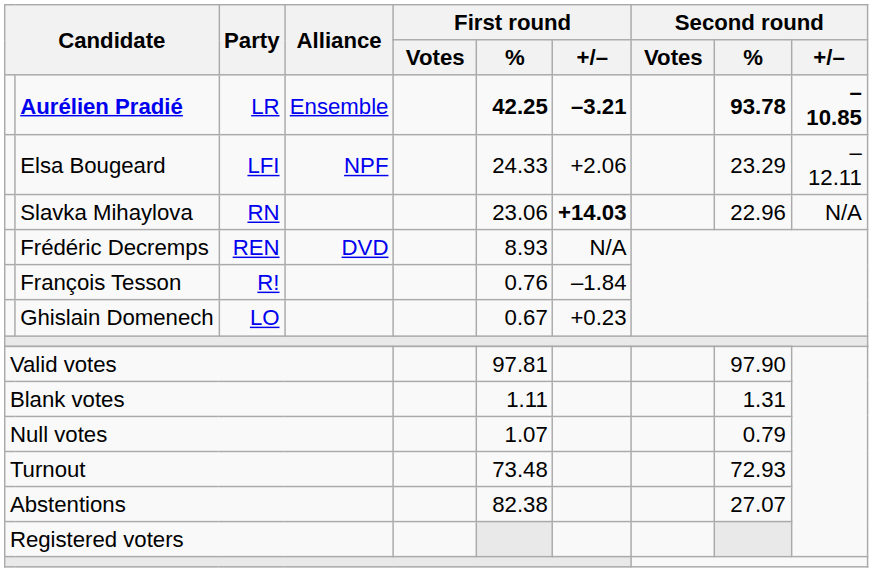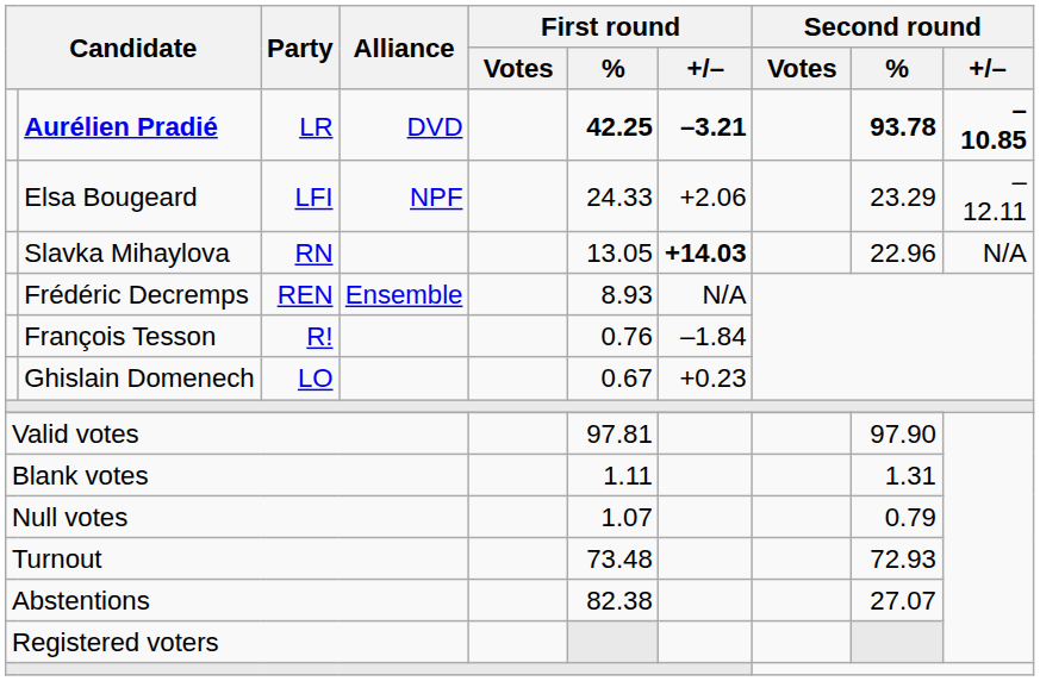 <table class="wikitable" style="text-align:right;font-size:95%;">
 <tr>
 <th rowspan="2" colspan="2">Candidate</th>
 <th colspan="1" rowspan="2">Party</th>
 <th colspan="1" rowspan="2">Alliance</th>
 <th colspan="3">First round</th>
 <th colspan="3">Second round</th>
 </tr>
 <tr>
 <th style="width:50px;">Votes</th>
 <th style="width:45px;">%</th>
 <th style="width:45px;">+/–</th>
 <th style="width:50px;">Votes</th>
 <th style="width:45px;">%</th>
 <th style="width:45px;">+/–</th>
 </tr>
 <tr>
 <td style="color:inherit;background:"></td>
 <td style="text-align:left;"><strong><a href='#'>Aurélien Pradié</a></strong></td>
 <td><a href='#'>LR</a></td>
-<td><a href='#'>Ensemble</a></td>
+<td><a href='#'>DVD</a></td>
 <td><strong></strong></td>
 <td><strong>42.25</strong></td>
 <td><strong>–3.21</strong></td>
 <td><strong></strong></td>
 <td><strong>93.78</strong></td>
 <td><strong>–10.85</strong></td>
 </tr>
 <tr>
 <td style="color:inherit;background:"></td>
 <td style="text-align:left;">Elsa Bougeard</td>
 <td><a href='#'>LFI</a></td>
 <td><a href='#'>NPF</a></td>
 <td></td>
 <td>24.33</td>
 <td>+2.06</td>
 <td></td>
 <td>23.29</td>
 <td>–12.11</td>
 </tr>
 <tr>
 <td style="color:inherit;background:"></td>
 <td style="text-align:left;">Slavka Mihaylova</td>
 <td><a href='#'>RN</a></td>
 <td></td>
 <td></td>
-<td>23.06</td>
+<td>13.05</td>
 <td><strong>+14.03</strong></td>
 <td></td>
 <td>22.96</td>
 <td>N/A</td>
 </tr>
 <tr>
 <td style="color:inherit;background:"></td>
 <td style="text-align:left;">Frédéric Decremps</td>
 <td><a href='#'>REN</a></td>
-<td><a href='#'>DVD</a></td>
+<td><a href='#'>Ensemble</a></td>
 <td></td>
 <td>8.93</td>
 <td>N/A</td>
 </tr>
 <tr>
 <td style="color:inherit;background:"></td>
 <td style="text-align:left;">François Tesson</td>
 <td><a href='#'>R!</a></td>
 <td></td>
 <td></td>
 <td>0.76</td>
 <td>–1.84</td>
 </tr>
 <tr>
 <td style="color:inherit;background:"></td>
 <td style="text-align:left;">Ghislain Domenech</td>
 <td><a href='#'>LO</a></td>
 <td></td>
 <td></td>
 <td>0.67</td>
 <td>+0.23</td>
 </tr>
 <tr>
 <td colspan="10" style="background:#E9E9E9;"></td>
 </tr>
 <tr style="font-weight:bold;">
 </tr>
 <tr>
 <td colspan="4" style="text-align:left;">Valid votes</td>
 <td></td>
 <td>97.81</td>
 <td></td>
 <td></td>
 <td>97.90</td>
 </tr>
 <tr>
 <td colspan="4" style="text-align:left;">Blank votes</td>
 <td></td>
 <td>1.11</td>
 <td></td>
 <td></td>
 <td>1.31</td>
 </tr>
 <tr>
 <td colspan="4" style="text-align:left;">Null votes</td>
 <td></td>
 <td>1.07</td>
 <td></td>
 <td></td>
 <td>0.79</td>
 </tr>
 <tr>
 <td colspan="4" style="text-align:left;">Turnout</td>
 <td></td>
 <td>73.48</td>
 <td></td>
 <td></td>
 <td>72.93</td>
 </tr>
 <tr>
 <td colspan="4" style="text-align:left;">Abstentions</td>
 <td></td>
 <td>82.38</td>
 <td></td>
 <td></td>
 <td>27.07</td>
 </tr>
 <tr>
 <td colspan="4" style="text-align:left;">Registered voters</td>
 <td></td>
 <td style="background:#E9E9E9;"></td>
 <td></td>
 <td></td>
 <td style="background:#E9E9E9;"></td>
 </tr>
 <tr>
 <td colspan="7" style="background:#E9E9E9;"></td>
 <td colspan="6" style="background-color:"></td>
 </tr>
 </table>
